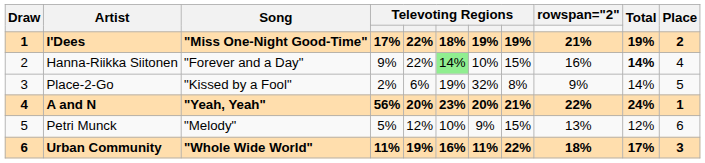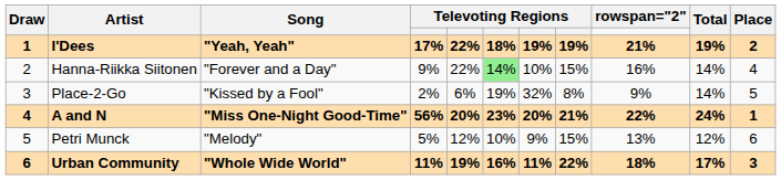 <table class="sortable wikitable" style="margin: 1em auto 1em auto; text-align:center;">
 <tr>
 <th rowspan="2">Draw</th>
 <th rowspan="2">Artist</th>
 <th rowspan="2">Song</th>
 <th colspan="5">Televoting Regions</th>
 <th>rowspan="2" </th>
 <th rowspan="2">Total</th>
 <th rowspan="2">Place</th>
 </tr>
 <tr>
 <th></th>
 <th></th>
 <th></th>
 <th></th>
 <th></th>
 </tr>
 <tr style="font-weight:bold; background:navajowhite;">
 <td>1</td>
 <td align="left">I'Dees</td>
-<td align="left">"Miss One-Night Good-Time"</td>
+<td align="left">"Yeah, Yeah"</td>
 <td>17%</td>
 <td>22%</td>
 <td>18%</td>
 <td>19%</td>
 <td>19%</td>
 <td>21%</td>
 <td>19%</td>
 <td>2</td>
 </tr>
 <tr>
 <td>2</td>
 <td align="left">Hanna-Riikka Siitonen</td>
 <td align="left">"Forever and a Day"</td>
 <td>9%</td>
 <td>22%</td>
 <td style="background: lightgreen;">14%</td>
 <td>10%</td>
 <td>15%</td>
 <td>16%</td>
-<td><strong>14%</strong></td>
+<td>14%</td>
 <td>4</td>
 </tr>
 <tr>
 <td>3</td>
 <td align="left">Place-2-Go</td>
 <td align="left">"Kissed by a Fool"</td>
 <td>2%</td>
 <td>6%</td>
 <td>19%</td>
 <td>32%</td>
 <td>8%</td>
 <td>9%</td>
 <td>14%</td>
 <td>5</td>
 </tr>
 <tr style="font-weight:bold; background:navajowhite;">
 <td>4</td>
 <td align="left">A and N</td>
-<td align="left">"Yeah, Yeah"</td>
+<td align="left">"Miss One-Night Good-Time"</td>
 <td>56%</td>
 <td>20%</td>
 <td>23%</td>
 <td>20%</td>
 <td>21%</td>
 <td>22%</td>
 <td>24%</td>
 <td>1</td>
 </tr>
 <tr>
 <td>5</td>
 <td align="left">Petri Munck</td>
 <td align="left">"Melody"</td>
 <td>5%</td>
 <td>12%</td>
 <td>10%</td>
 <td>9%</td>
 <td>15%</td>
 <td>13%</td>
 <td>12%</td>
 <td>6</td>
 </tr>
 <tr style="font-weight:bold; background:navajowhite;">
 <td>6</td>
 <td align="left">Urban Community</td>
 <td align="left">"Whole Wide World"</td>
 <td>11%</td>
 <td>19%</td>
 <td>16%</td>
 <td>11%</td>
 <td>22%</td>
 <td>18%</td>
 <td>17%</td>
 <td>3</td>
 </tr>
 </table>
